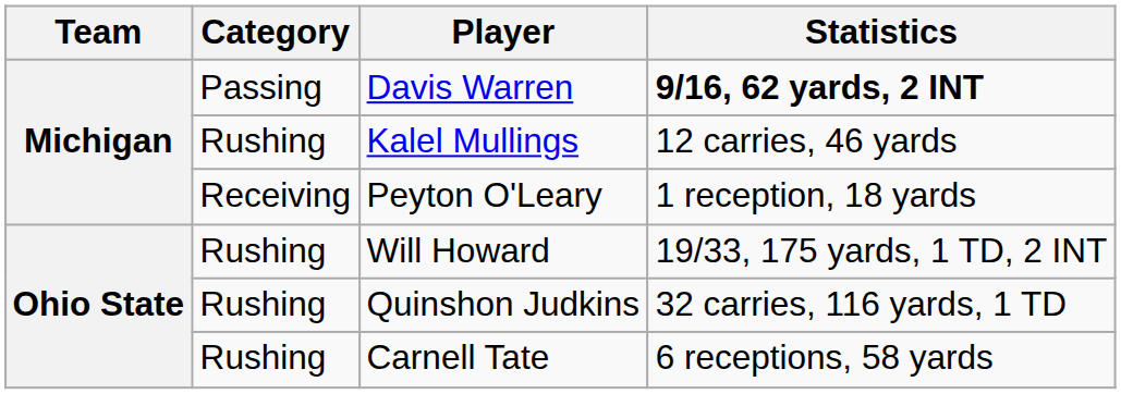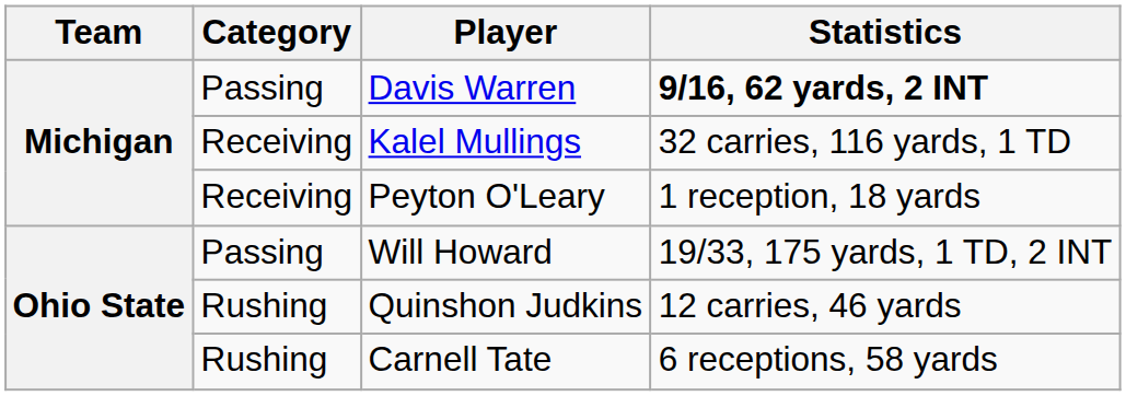 <table class="wikitable" style="float:right">
 <tr>
 <th>Team</th>
 <th>Category</th>
 <th>Player</th>
 <th>Statistics</th>
 </tr>
 <tr>
 <th rowspan=3>Michigan</th>
 <td>Passing</td>
 <td><a href='#'>Davis Warren</a></td>
 <td><strong>9/16, 62 yards, 2 INT</strong></td>
 </tr>
 <tr>
-<td>Rushing</td>
+<td>Receiving</td>
 <td><a href='#'>Kalel Mullings</a></td>
-<td>12 carries, 46 yards</td>
+<td>32 carries, 116 yards, 1 TD</td>
 </tr>
 <tr>
 <td>Receiving</td>
 <td>Peyton O'Leary</td>
 <td>1 reception, 18 yards</td>
 </tr>
 <tr>
 <th rowspan=3>Ohio State</th>
-<td>Rushing</td>
+<td>Passing</td>
 <td>Will Howard</td>
 <td>19/33, 175 yards, 1 TD, 2 INT</td>
 </tr>
 <tr>
 <td>Rushing</td>
 <td>Quinshon Judkins</td>
-<td>32 carries, 116 yards, 1 TD</td>
+<td>12 carries, 46 yards</td>
 </tr>
 <tr>
 <td>Rushing</td>
 <td>Carnell Tate</td>
 <td>6 receptions, 58 yards</td>
 </tr>
 </table>
